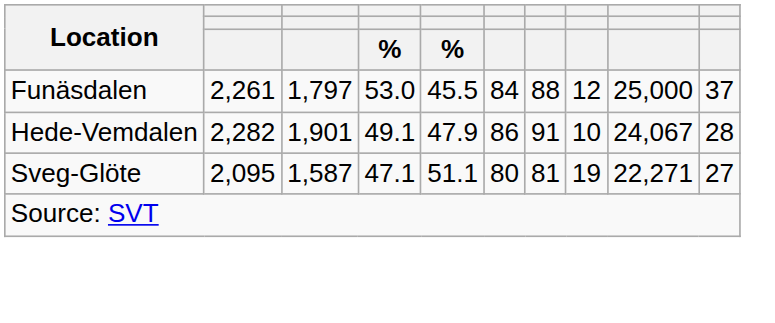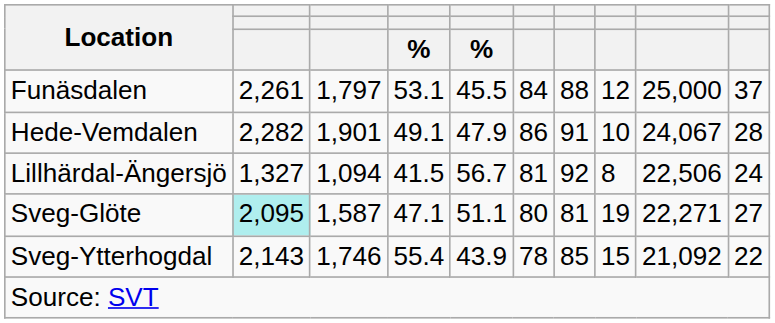 <table role="presentation" class="wikitable sortable mw-collapsible">
 <tr>
 <th rowspan="3">Location</th>
 <th></th>
 <th></th>
 <th></th>
 <th></th>
 <th></th>
 <th></th>
 <th></th>
 <th></th>
 <th></th>
 </tr>
 <tr>
 <th></th>
 <th></th>
 <th style="background:"></th>
 <th style="background:"></th>
 <th></th>
 <th></th>
 <th></th>
 <th></th>
 <th></th>
 </tr>
 <tr>
 <th data-sort-type="number"></th>
 <th data-sort-type="number"></th>
 <th data-sort-type="number">%</th>
 <th data-sort-type="number">%</th>
 <th data-sort-type="number"></th>
 <th data-sort-type="number"></th>
 <th data-sort-type="number"></th>
 <th data-sort-type="number"></th>
 <th data-sort-type="number"></th>
 </tr>
 <tr>
 <td align="left">Funäsdalen</td>
 <td>2,261</td>
 <td>1,797</td>
-<td>53.0</td>
+<td>53.1</td>
 <td>45.5</td>
 <td>84</td>
 <td>88</td>
 <td>12</td>
 <td>25,000</td>
 <td>37</td>
 </tr>
 <tr>
 <td align="left">Hede-Vemdalen</td>
 <td>2,282</td>
 <td>1,901</td>
 <td>49.1</td>
 <td>47.9</td>
 <td>86</td>
 <td>91</td>
 <td>10</td>
 <td>24,067</td>
 <td>28</td>
 </tr>
 <tr>
+<td align="left">Lillhärdal-Ängersjö</td>
+<td>1,327</td>
+<td>1,094</td>
+<td>41.5</td>
+<td>56.7</td>
+<td>81</td>
+<td>92</td>
+<td>8</td>
+<td>22,506</td>
+<td>24</td>
+</tr>
+<tr>
 <td align="left">Sveg-Glöte</td>
-<td>2,095</td>
+<td style="background: paleturquoise;">2,095</td>
 <td>1,587</td>
 <td>47.1</td>
 <td>51.1</td>
 <td>80</td>
 <td>81</td>
 <td>19</td>
 <td>22,271</td>
 <td>27</td>
 </tr>
 <tr>
+<td align="left">Sveg-Ytterhogdal</td>
+<td>2,143</td>
+<td>1,746</td>
+<td>55.4</td>
+<td>43.9</td>
+<td>78</td>
+<td>85</td>
+<td>15</td>
+<td>21,092</td>
+<td>22</td>
+</tr>
+<tr>
 <td colspan="10" align="left">Source: <a href='#'>SVT</a></td>
 </tr>
 </table>
